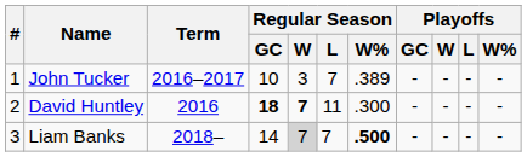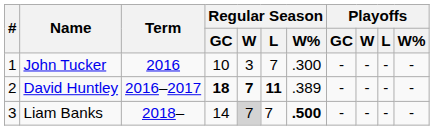 <table class="wikitable">
 <tr>
 <th rowspan="2">#</th>
 <th rowspan="2">Name</th>
 <th rowspan="2">Term</th>
 <th colspan="4">Regular Season</th>
 <th colspan="4">Playoffs</th>
 </tr>
 <tr>
 <th>GC</th>
 <th>W</th>
 <th>L</th>
 <th>W%</th>
 <th>GC</th>
 <th>W</th>
 <th>L</th>
 <th>W%</th>
 </tr>
 <tr>
 <td align=center>1</td>
 <td><a href='#'>John Tucker</a></td>
-<td align=center><a href='#'>2016</a>–<a href='#'>2017</a></td>
+<td align=center><a href='#'>2016</a></td>
 <td align=center>10</td>
 <td align=center>3</td>
 <td align=center>7</td>
-<td align=center>.389</td>
+<td align=center>.300</td>
 <td align=center>-</td>
 <td align=center>-</td>
 <td align=center>-</td>
 <td align=center>-</td>
 </tr>
 <tr>
 <td align=center>2</td>
 <td><a href='#'>David Huntley</a></td>
-<td align=center><a href='#'>2016</a></td>
+<td align=center><a href='#'>2016</a>–<a href='#'>2017</a></td>
 <td align=center><strong>18</strong></td>
 <td align=center><strong>7</strong></td>
-<td align=center>11</td>
-<td align=center>.300</td>
+<td align=center><strong>11</strong></td>
+<td align=center>.389</td>
 <td align=center>-</td>
 <td align=center>-</td>
 <td align=center>-</td>
 <td align=center>-</td>
 </tr>
 <tr>
 <td align=center>3</td>
 <td>Liam Banks</td>
 <td align=center><a href='#'>2018</a>–</td>
 <td align=center>14</td>
 <td align=center style="background: lightgrey;">7</td>
 <td nalign=center>7</td>
 <td align=center><strong>.500</strong></td>
 <td align=center>-</td>
 <td align=center>-</td>
 <td align=center>-</td>
 <td align=center>-</td>
 </tr>
 </table>
